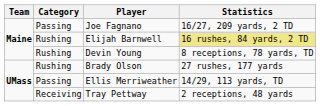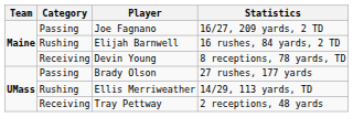 <table class="wikitable" style="float: left;">
 <tr>
 <th>Team</th>
 <th>Category</th>
 <th>Player</th>
 <th>Statistics</th>
 </tr>
 <tr>
 <td rowspan=3><strong>Maine</strong></td>
 <td>Passing</td>
 <td>Joe Fagnano</td>
 <td>16/27, 209 yards, 2 TD</td>
 </tr>
 <tr>
 <td>Rushing</td>
 <td>Elijah Barnwell</td>
-<td style="background: khaki;">16 rushes, 84 yards, 2 TD</td>
+<td>16 rushes, 84 yards, 2 TD</td>
 </tr>
 <tr>
-<td>Rushing</td>
+<td>Receiving</td>
 <td>Devin Young</td>
 <td>8 receptions, 78 yards, TD</td>
 </tr>
 <tr>
 <td rowspan=3><strong>UMass</strong></td>
-<td>Rushing</td>
+<td>Passing</td>
 <td>Brady Olson</td>
 <td>27 rushes, 177 yards</td>
 </tr>
 <tr>
-<td>Passing</td>
+<td>Rushing</td>
 <td>Ellis Merriweather</td>
 <td>14/29, 113 yards, TD</td>
 </tr>
 <tr>
 <td>Receiving</td>
 <td>Tray Pettway</td>
 <td>2 receptions, 48 yards</td>
 </tr>
 </table>
